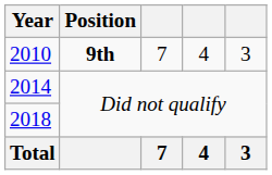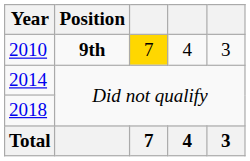 <table class="wikitable" style="text-align: center;">
 <tr>
 <th>Year</th>
 <th>Position</th>
 <th width=25px></th>
 <th width=25px></th>
 <th width=25px></th>
 </tr>
 <tr>
 <td style="text-align: left;"> <a href='#'>2010</a></td>
 <td><strong>9th</strong></td>
-<td>7</td>
+<td style="background: gold;">7</td>
 <td>4</td>
 <td>3</td>
 </tr>
 <tr>
 <td style="text-align: left;"> <a href='#'>2014</a></td>
 <td rowspan=2 colspan=4><em>Did not qualify</em></td>
 </tr>
 <tr>
 <td style="text-align: left;"> <a href='#'>2018</a></td>
 </tr>
 <tr>
 <th>Total</th>
 <th></th>
 <th>7</th>
 <th>4</th>
 <th>3</th>
 </tr>
 </table>
